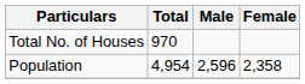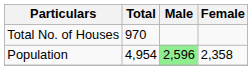 <table class="wikitable sortable">
 <tr>
 <th>Particulars</th>
 <th>Total</th>
 <th>Male</th>
 <th>Female</th>
 </tr>
 <tr>
 <td>Total No. of Houses</td>
 <td>970</td>
 <td></td>
 <td></td>
 </tr>
 <tr>
 <td>Population</td>
 <td>4,954</td>
-<td>2,596</td>
+<td style="background: lightgreen;">2,596</td>
 <td>2,358</td>
 </tr>
 <tr>
 </tr>
 </table>
